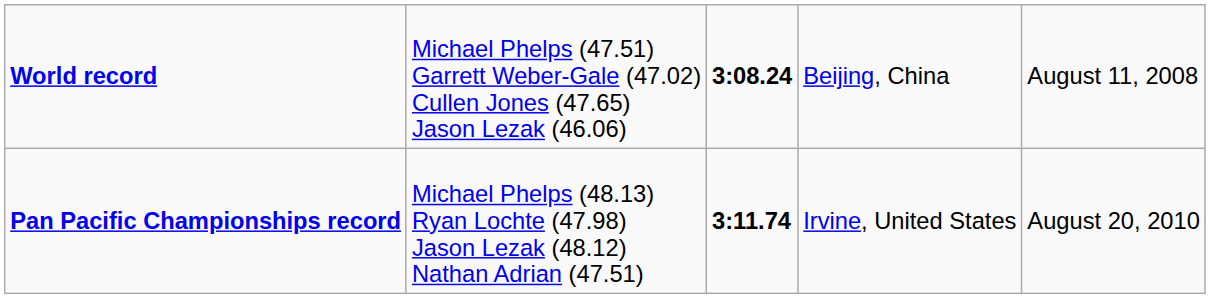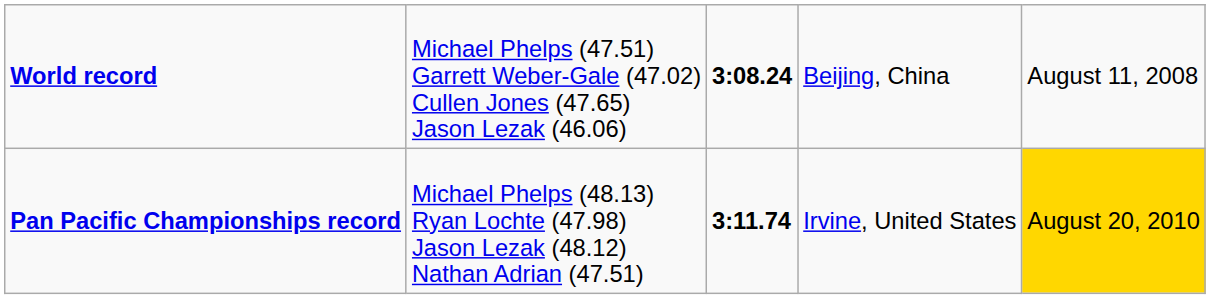 <table class="wikitable">
 <tr>
 <td><strong><a href='#'>World record</a></strong></td>
 <td><br><a href='#'>Michael Phelps</a> (47.51)<br><a href='#'>Garrett Weber-Gale</a> (47.02)<br><a href='#'>Cullen Jones</a> (47.65)<br><a href='#'>Jason Lezak</a> (46.06)</td>
 <td><strong>3:08.24</strong></td>
 <td><a href='#'>Beijing</a>, China</td>
 <td>August 11, 2008</td>
 </tr>
 <tr>
 <td><strong><a href='#'>Pan Pacific Championships record</a></strong></td>
 <td><br><a href='#'>Michael Phelps</a> (48.13)<br><a href='#'>Ryan Lochte</a> (47.98)<br><a href='#'>Jason Lezak</a> (48.12)<br><a href='#'>Nathan Adrian</a> (47.51)</td>
 <td><strong>3:11.74</strong></td>
 <td><a href='#'>Irvine</a>, United States</td>
-<td>August 20, 2010</td>
+<td style="background: gold;">August 20, 2010</td>
 </tr>
 </table>
